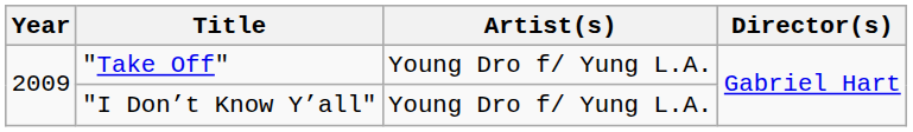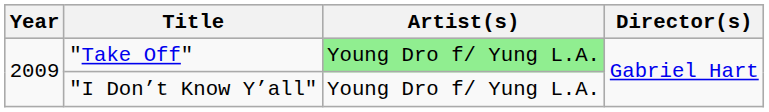 <table class="wikitable">
 <tr>
 <th>Year</th>
 <th>Title</th>
 <th>Artist(s)</th>
 <th>Director(s)</th>
 </tr>
 <tr>
 <td rowspan="2">2009</td>
 <td>"<a href='#'>Take Off</a>"</td>
-<td>Young Dro f/ Yung L.A.</td>
+<td style="background: lightgreen;">Young Dro f/ Yung L.A.</td>
 <td rowspan="2"><a href='#'>Gabriel Hart</a></td>
 </tr>
 <tr>
 <td>"I Don’t Know Y’all"</td>
 <td>Young Dro f/ Yung L.A.</td>
 </tr>
 </table>
